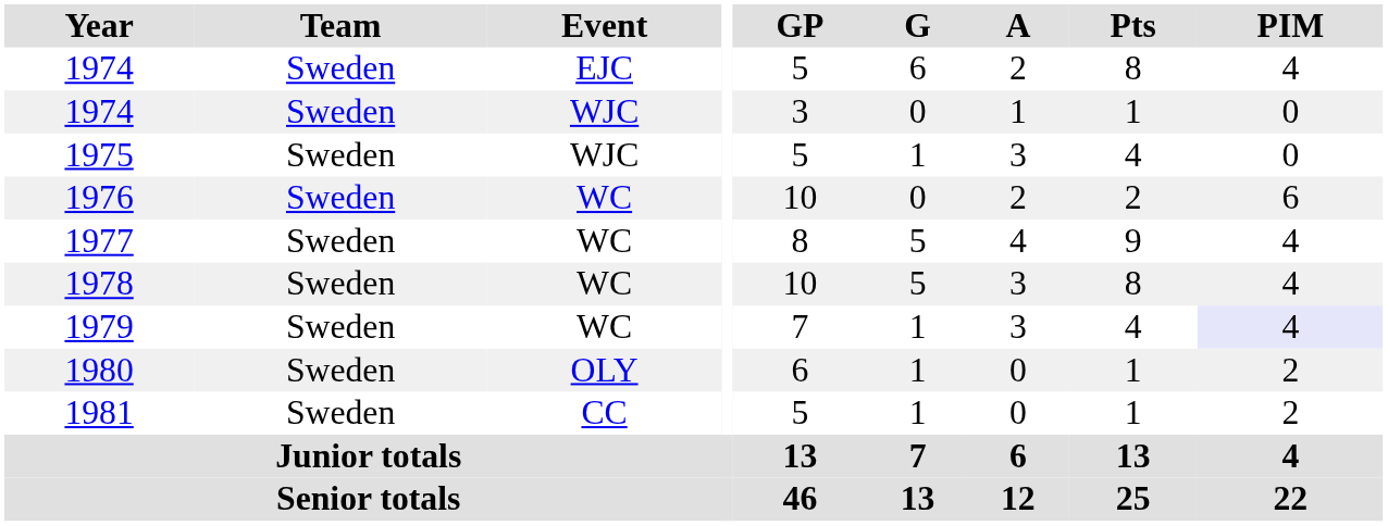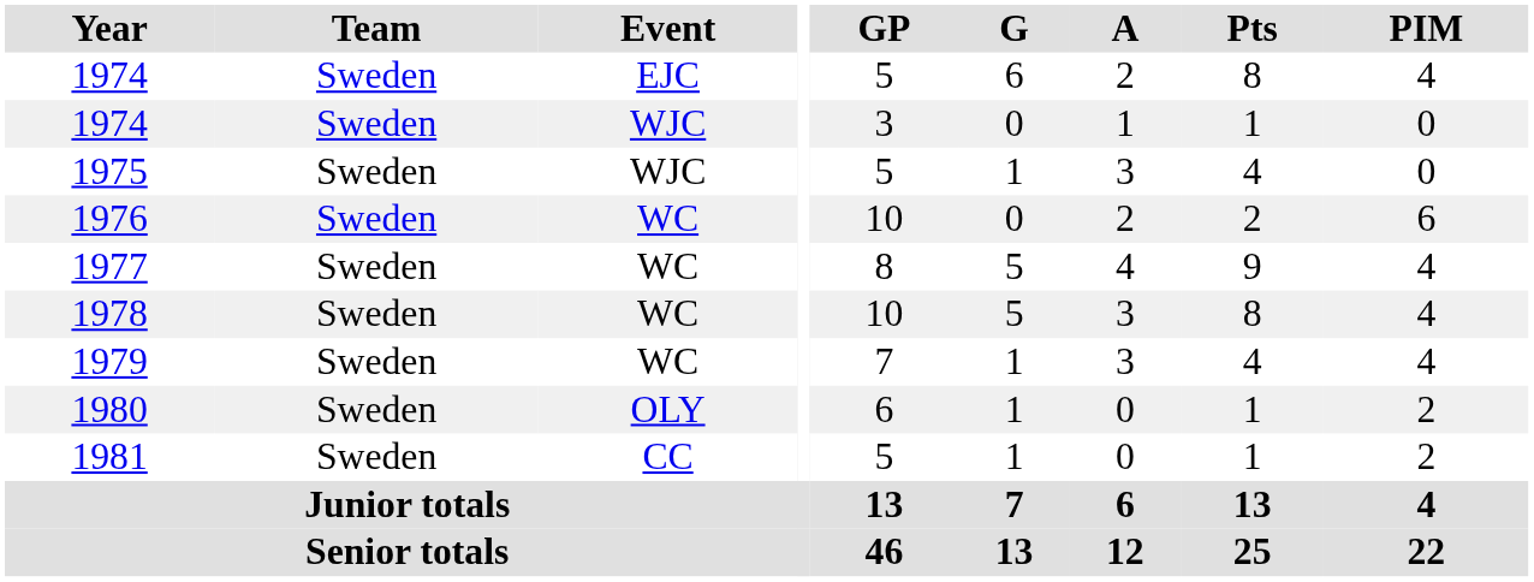 <table border="0" cellpadding="1" cellspacing="0" ID="Table3" style="text-align:center; width:40em">
 <tr bgcolor="#e0e0e0">
 <th>Year</th>
 <th>Team</th>
 <th>Event</th>
 <th rowspan="102" bgcolor="#ffffff"></th>
 <th>GP</th>
 <th>G</th>
 <th>A</th>
 <th>Pts</th>
 <th>PIM</th>
 </tr>
 <tr>
 <td><a href='#'>1974</a></td>
 <td><a href='#'>Sweden</a></td>
 <td><a href='#'>EJC</a></td>
 <td>5</td>
 <td>6</td>
 <td>2</td>
 <td>8</td>
 <td>4</td>
 </tr>
 <tr bgcolor="#f0f0f0">
 <td><a href='#'>1974</a></td>
 <td><a href='#'>Sweden</a></td>
 <td><a href='#'>WJC</a></td>
 <td>3</td>
 <td>0</td>
 <td>1</td>
 <td>1</td>
 <td>0</td>
 </tr>
 <tr>
 <td><a href='#'>1975</a></td>
 <td>Sweden</td>
 <td>WJC</td>
 <td>5</td>
 <td>1</td>
 <td>3</td>
 <td>4</td>
 <td>0</td>
 </tr>
 <tr bgcolor="#f0f0f0">
 <td><a href='#'>1976</a></td>
 <td><a href='#'>Sweden</a></td>
 <td><a href='#'>WC</a></td>
 <td>10</td>
 <td>0</td>
 <td>2</td>
 <td>2</td>
 <td>6</td>
 </tr>
 <tr>
 <td><a href='#'>1977</a></td>
 <td>Sweden</td>
 <td>WC</td>
 <td>8</td>
 <td>5</td>
 <td>4</td>
 <td>9</td>
 <td>4</td>
 </tr>
 <tr bgcolor="#f0f0f0">
 <td><a href='#'>1978</a></td>
 <td>Sweden</td>
 <td>WC</td>
 <td>10</td>
 <td>5</td>
 <td>3</td>
 <td>8</td>
 <td>4</td>
 </tr>
 <tr>
 <td><a href='#'>1979</a></td>
 <td>Sweden</td>
 <td>WC</td>
 <td>7</td>
 <td>1</td>
 <td>3</td>
 <td>4</td>
-<td style="background: lavender;">4</td>
+<td>4</td>
 </tr>
 <tr bgcolor="#f0f0f0">
 <td><a href='#'>1980</a></td>
 <td>Sweden</td>
 <td><a href='#'>OLY</a></td>
 <td>6</td>
 <td>1</td>
 <td>0</td>
 <td>1</td>
 <td>2</td>
 </tr>
 <tr>
 <td><a href='#'>1981</a></td>
 <td>Sweden</td>
 <td><a href='#'>CC</a></td>
 <td>5</td>
 <td>1</td>
 <td>0</td>
 <td>1</td>
 <td>2</td>
 </tr>
 <tr bgcolor="#e0e0e0">
 <th colspan="4">Junior totals</th>
 <th>13</th>
 <th>7</th>
 <th>6</th>
 <th>13</th>
 <th>4</th>
 </tr>
 <tr bgcolor="#e0e0e0">
 <th colspan="4">Senior totals</th>
 <th>46</th>
 <th>13</th>
 <th>12</th>
 <th>25</th>
 <th>22</th>
 </tr>
 </table>
